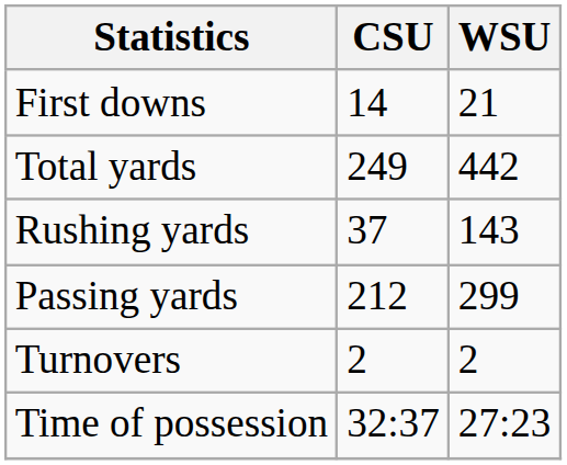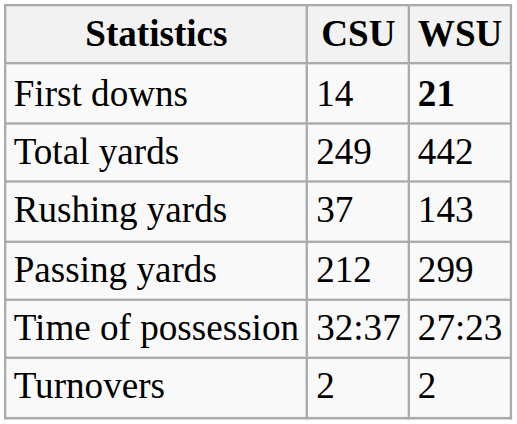 <table class="wikitable">
 <tr>
 <th>Statistics</th>
 <th>CSU</th>
 <th>WSU</th>
 </tr>
 <tr>
 <td>First downs</td>
 <td>14</td>
-<td>21</td>
+<td><strong>21</strong></td>
 </tr>
 <tr>
 <td>Total yards</td>
 <td>249</td>
 <td>442</td>
 </tr>
 <tr>
 <td>Rushing yards</td>
 <td>37</td>
 <td>143</td>
 </tr>
 <tr>
 <td>Passing yards</td>
 <td>212</td>
 <td>299</td>
 </tr>
 <tr>
+<td>Time of possession</td>
+<td>32:37</td>
+<td>27:23</td>
+</tr>
+<tr>
 <td>Turnovers</td>
 <td>2</td>
 <td>2</td>
 </tr>
 <tr>
-<td>Time of possession</td>
-<td>32:37</td>
-<td>27:23</td>
-</tr>
-<tr>
 </tr>
 </table>
